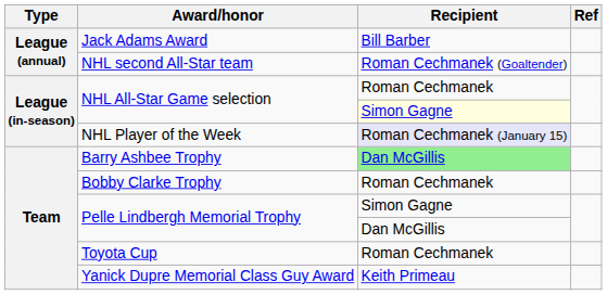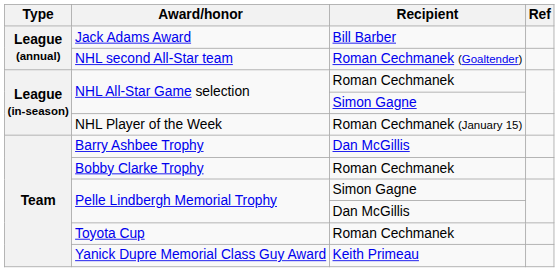 <table class="wikitable">
 <tr>
 <th scope="col">Type</th>
 <th scope="col">Award/honor</th>
 <th scope="col">Recipient</th>
 <th scope="col">Ref</th>
 </tr>
 <tr>
 <th scope="row" rowspan="2">League<br><small>(annual)</small></th>
 <td><a href='#'>Jack Adams Award</a></td>
 <td><a href='#'>Bill Barber</a></td>
 <td></td>
 </tr>
 <tr>
 <td><a href='#'>NHL second All-Star team</a></td>
 <td><a href='#'>Roman Cechmanek</a> <small>(<a href='#'>Goaltender</a>)</small></td>
 <td></td>
 </tr>
 <tr>
 <th scope="row" rowspan="3">League<br><small>(in-season)</small></th>
 <td rowspan="2"><a href='#'>NHL All-Star Game</a> selection</td>
 <td>Roman Cechmanek</td>
 <td rowspan="2"></td>
 </tr>
 <tr>
-<td style="background: lightyellow;"><a href='#'>Simon Gagne</a></td>
+<td><a href='#'>Simon Gagne</a></td>
 </tr>
 <tr>
 <td>NHL Player of the Week</td>
-<td style="background: lavender;">Roman Cechmanek <small>(January 15)</small></td>
+<td>Roman Cechmanek <small>(January 15)</small></td>
 <td></td>
 </tr>
 <tr>
 <th scope="row" rowspan="6">Team</th>
 <td><a href='#'>Barry Ashbee Trophy</a></td>
-<td style="background: lightgreen;"><a href='#'>Dan McGillis</a></td>
+<td><a href='#'>Dan McGillis</a></td>
 <td></td>
 </tr>
 <tr>
 <td><a href='#'>Bobby Clarke Trophy</a></td>
 <td>Roman Cechmanek</td>
 <td></td>
 </tr>
 <tr>
 <td rowspan="2"><a href='#'>Pelle Lindbergh Memorial Trophy</a></td>
 <td>Simon Gagne</td>
 <td rowspan="2"></td>
 </tr>
 <tr>
 <td>Dan McGillis</td>
 </tr>
 <tr>
 <td><a href='#'>Toyota Cup</a></td>
 <td>Roman Cechmanek</td>
 <td></td>
 </tr>
 <tr>
 <td><a href='#'>Yanick Dupre Memorial Class Guy Award</a></td>
 <td><a href='#'>Keith Primeau</a></td>
 <td></td>
 </tr>
 </table>
